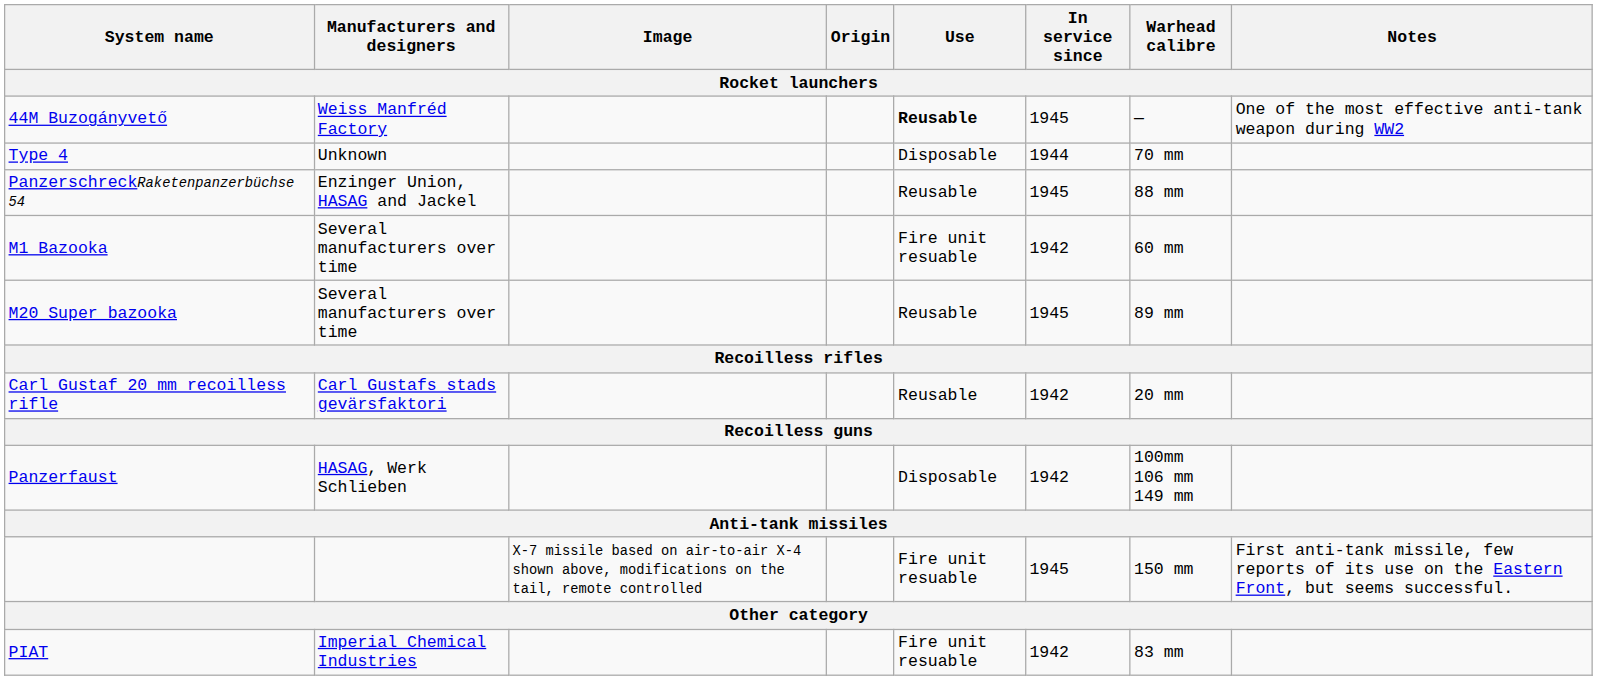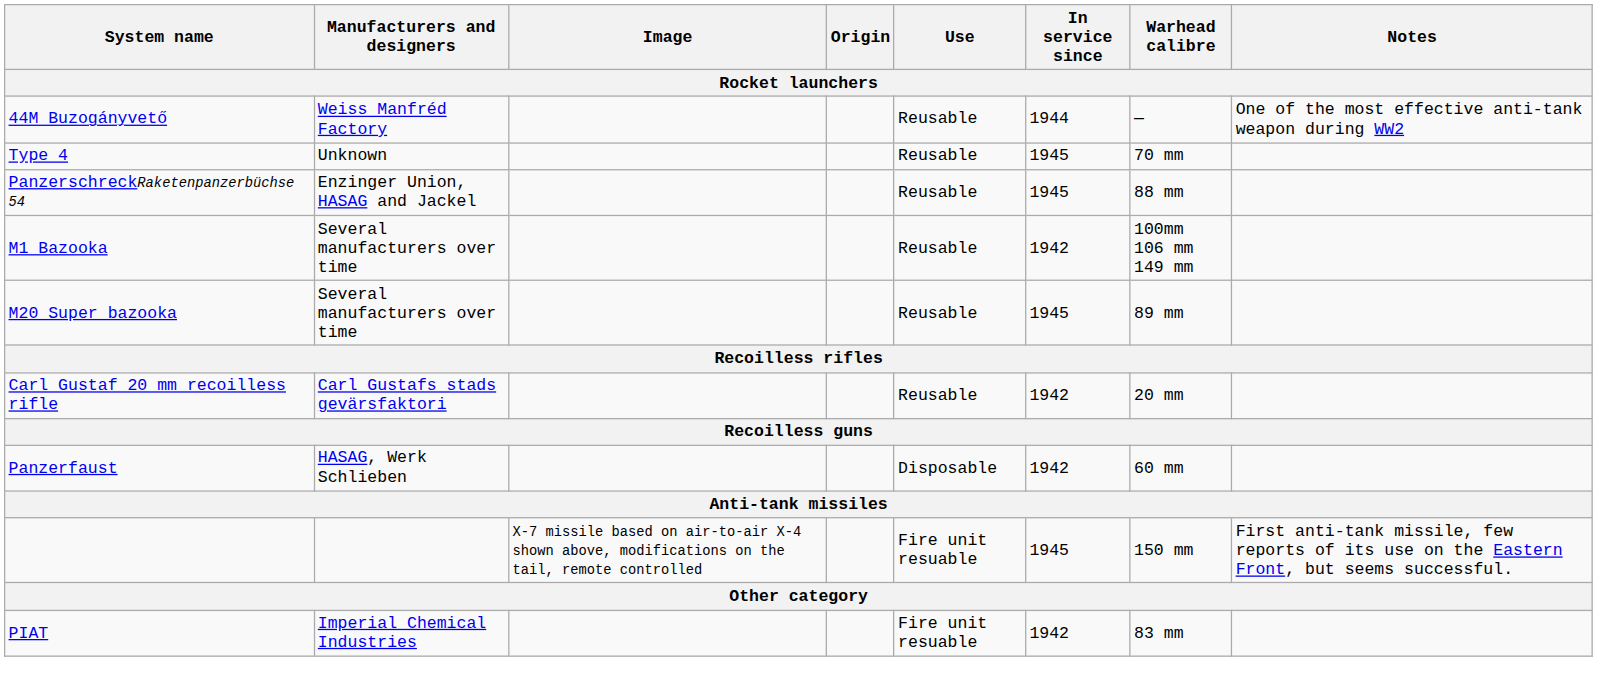 <table class="wikitable sortable" style="width: 99%">
 <tr>
 <th>System name</th>
 <th>Manufacturers and designers</th>
 <th class="unsortable">Image</th>
 <th>Origin</th>
 <th>Use</th>
 <th>In service since</th>
 <th>Warhead calibre</th>
 <th>Notes</th>
 </tr>
 <tr>
 <th colspan="8">Rocket launchers</th>
 </tr>
 <tr>
 <td><a href='#'>44M Buzogányvető</a></td>
 <td><a href='#'>Weiss Manfréd Factory</a></td>
 <td></td>
 <td></td>
-<td><strong>Reusable</strong></td>
-<td>1945</td>
+<td>Reusable</td>
+<td>1944</td>
 <td>—</td>
 <td>One of the most effective anti-tank weapon during <a href='#'>WW2</a></td>
 </tr>
 <tr>
 <td><a href='#'>Type 4</a></td>
 <td>Unknown</td>
 <td></td>
 <td></td>
-<td>Disposable</td>
-<td>1944</td>
+<td>Reusable</td>
+<td>1945</td>
 <td>70 mm</td>
 <td></td>
 </tr>
 <tr>
 <td><a href='#'>Panzerschreck</a><small><em>Raketenpanzerbüchse 54</em></small></td>
 <td>Enzinger Union, <a href='#'>HASAG</a> and Jackel</td>
 <td> </td>
 <td></td>
 <td>Reusable</td>
 <td>1945</td>
 <td>88 mm</td>
 <td></td>
 </tr>
 <tr>
 <td><a href='#'>M1 Bazooka</a></td>
 <td>Several manufacturers over time</td>
 <td></td>
 <td></td>
-<td>Fire unit resuable</td>
+<td>Reusable</td>
 <td>1942</td>
-<td>60 mm</td>
+<td>100mm<br>106 mm 149 mm</td>
 <td></td>
 </tr>
 <tr>
 <td><a href='#'>M20 Super bazooka</a></td>
 <td>Several manufacturers over time</td>
 <td></td>
 <td></td>
 <td>Reusable</td>
 <td>1945</td>
 <td>89 mm</td>
 <td></td>
 </tr>
 <tr>
 <th colspan="8">Recoilless rifles</th>
 </tr>
 <tr>
 <td><a href='#'>Carl Gustaf 20 mm recoilless rifle</a></td>
 <td><a href='#'>Carl Gustafs stads gevärsfaktori</a></td>
 <td></td>
 <td></td>
 <td>Reusable</td>
 <td>1942</td>
 <td>20 mm</td>
 <td></td>
 </tr>
 <tr>
 <th colspan="8">Recoilless guns</th>
 </tr>
 <tr>
 <td><a href='#'>Panzerfaust</a></td>
 <td><a href='#'>HASAG</a>, Werk Schlieben</td>
 <td></td>
 <td></td>
 <td>Disposable</td>
 <td>1942</td>
-<td>100mm<br>106 mm 149 mm</td>
+<td>60 mm</td>
 <td></td>
 </tr>
 <tr>
 <th colspan="8">Anti-tank missiles</th>
 </tr>
 <tr>
 <td></td>
 <td></td>
 <td><small>X-7 missile based on air-to-air X-4 shown above, modifications on the tail, remote controlled</small></td>
 <td></td>
 <td>Fire unit resuable</td>
 <td>1945</td>
 <td>150 mm</td>
 <td>First anti-tank missile, few reports of its use on the <a href='#'>Eastern Front</a>, but seems successful.</td>
 </tr>
 <tr>
 <th colspan="8">Other category</th>
 </tr>
 <tr>
 <td><a href='#'>PIAT</a></td>
 <td><a href='#'>Imperial Chemical Industries</a></td>
 <td></td>
 <td></td>
 <td>Fire unit resuable</td>
 <td>1942</td>
 <td>83 mm</td>
 <td></td>
 </tr>
 </table>
